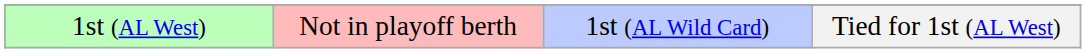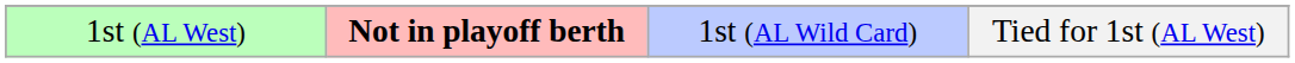 <table class="wikitable" style="margin:0.5em auto; text-align:center;">
 <tr>
 </tr>
 <tr>
 <td bgcolor="bbffbb" width="150px">1st <small>(<a href='#'>AL West</a>)</small></td>
-<td bgcolor="ffbbbb" width="150px">Not in playoff berth</td>
+<td bgcolor="ffbbbb" width="150px"><strong>Not in playoff berth</strong></td>
 <td bgcolor="bbcaff" width="150px">1st <small>(<a href='#'>AL Wild Card</a>)</small></td>
 <td bgcolor="f2f2f2" width="150px">Tied for 1st <small>(<a href='#'>AL West</a>)</small></td>
 </tr>
 </table>
